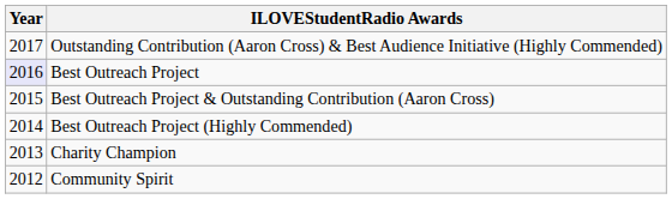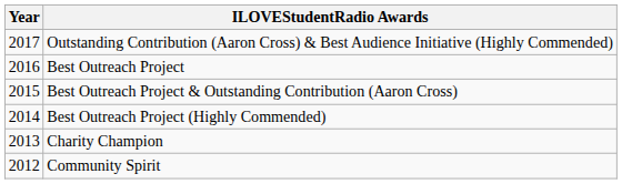 <table class="wikitable">
 <tr>
 <th>Year</th>
 <th>ILOVEStudentRadio Awards</th>
 </tr>
 <tr>
 <td>2017</td>
 <td>Outstanding Contribution (Aaron Cross) & Best Audience Initiative (Highly Commended)</td>
 </tr>
 <tr>
-<td style="background: lavender;">2016 </td>
+<td>2016 </td>
 <td>Best Outreach Project</td>
 </tr>
 <tr>
 <td>2015 </td>
 <td>Best Outreach Project & Outstanding Contribution (Aaron Cross)</td>
 </tr>
 <tr>
 <td>2014 </td>
 <td>Best Outreach Project (Highly Commended)</td>
 </tr>
 <tr>
 <td>2013 </td>
 <td>Charity Champion</td>
 </tr>
 <tr>
 <td>2012 </td>
 <td>Community Spirit</td>
 </tr>
 </table>
